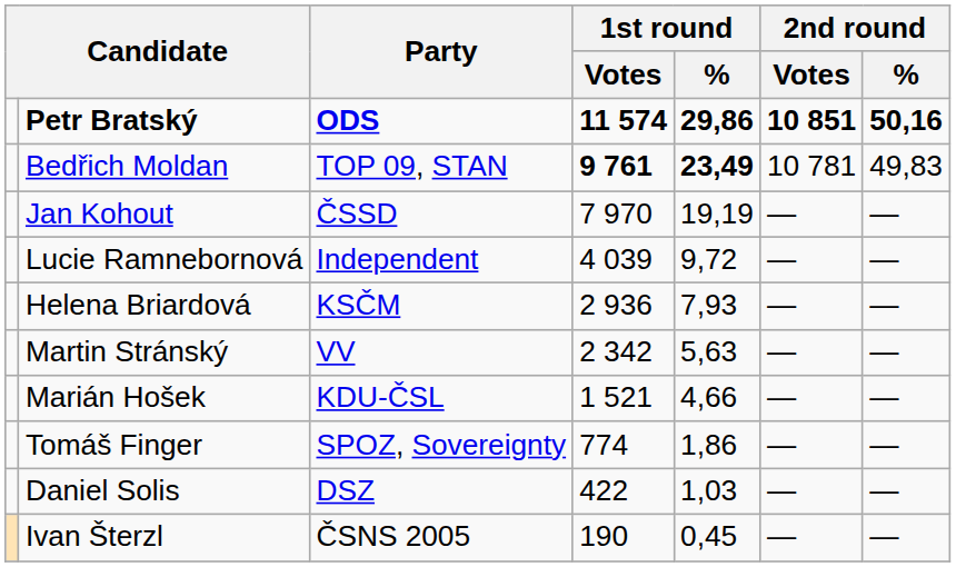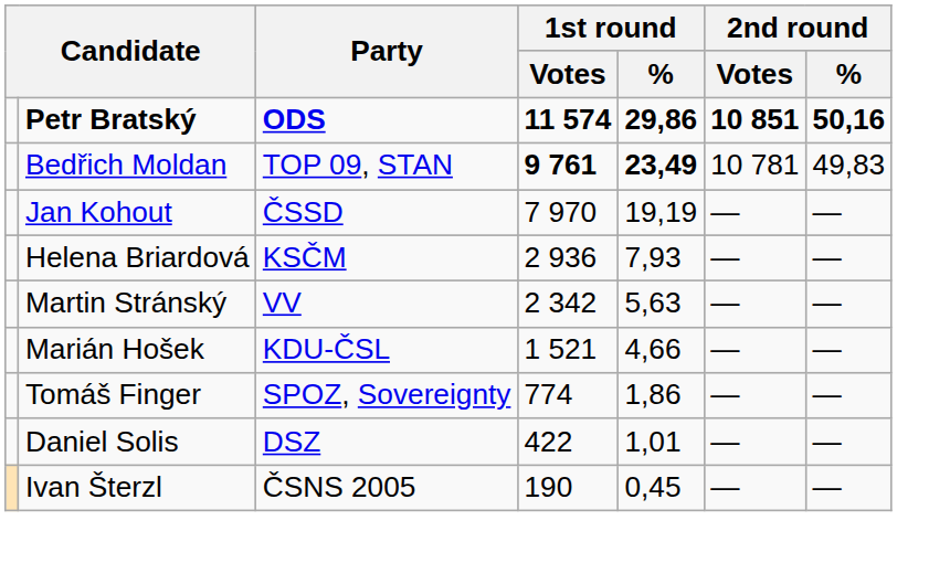 <table class="wikitable sortable">
 <tr>
 <th colspan="2" rowspan="2">Candidate</th>
 <th rowspan="2">Party</th>
 <th colspan="2">1st round</th>
 <th colspan="2">2nd round</th>
 </tr>
 <tr>
 <th>Votes</th>
 <th>%</th>
 <th>Votes</th>
 <th>%</th>
 </tr>
 <tr>
 <td style="background-color:"></td>
 <td><strong>Petr Bratský</strong></td>
 <td><a href='#'><strong>ODS</strong></a></td>
 <td><strong>11 574</strong></td>
 <td><strong>29,86</strong></td>
 <td><strong>10 851</strong></td>
 <td><strong>50,16</strong></td>
 </tr>
 <tr>
 <td style="background-color:"></td>
 <td><a href='#'>Bedřich Moldan</a></td>
 <td><a href='#'>TOP 09</a>, <a href='#'>STAN</a></td>
 <td><strong>9 761</strong></td>
 <td><strong>23,49</strong></td>
 <td>10 781</td>
 <td>49,83</td>
 </tr>
 <tr>
 <td style="background-color:"></td>
 <td><a href='#'>Jan Kohout</a></td>
 <td><a href='#'>ČSSD</a></td>
 <td>7 970</td>
 <td>19,19</td>
-<td>—</td>
-<td>—</td>
-</tr>
-<tr>
-<td style="background-color:"></td>
-<td>Lucie Ramnebornová</td>
-<td><a href='#'>Independent</a></td>
-<td>4 039</td>
-<td>9,72</td>
 <td>—</td>
 <td>—</td>
 </tr>
 <tr>
 <td style="background-color:"></td>
 <td>Helena Briardová</td>
 <td><a href='#'>KSČM</a></td>
 <td>2 936</td>
 <td>7,93</td>
 <td>—</td>
 <td>—</td>
 </tr>
 <tr>
 <td style="background-color:"></td>
 <td>Martin Stránský</td>
 <td><a href='#'>VV</a></td>
 <td>2 342</td>
 <td>5,63</td>
 <td>—</td>
 <td>—</td>
 </tr>
 <tr>
 <td style="background-color:"></td>
 <td>Marián Hošek</td>
 <td><a href='#'>KDU-ČSL</a></td>
 <td>1 521</td>
 <td>4,66</td>
 <td>—</td>
 <td>—</td>
 </tr>
 <tr>
 <td style="background-color:"></td>
 <td>Tomáš Finger</td>
 <td><a href='#'>SPOZ</a>, <a href='#'>Sovereignty</a></td>
 <td>774</td>
 <td>1,86</td>
 <td>—</td>
 <td>—</td>
 </tr>
 <tr>
 <td style="background-color:"></td>
 <td>Daniel Solis</td>
 <td><a href='#'>DSZ</a></td>
 <td>422</td>
-<td>1,03</td>
+<td>1,01</td>
 <td>—</td>
 <td>—</td>
 </tr>
 <tr>
 <td style="background-color:Moccasin"></td>
 <td>Ivan Šterzl</td>
 <td>ČSNS 2005</td>
 <td>190</td>
 <td>0,45</td>
 <td>—</td>
 <td>—</td>
 </tr>
 </table>
